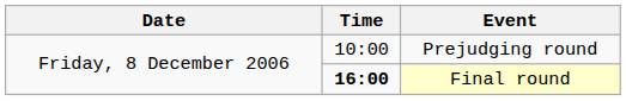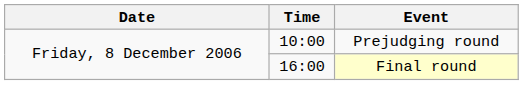 <table class = "wikitable" style="text-align:center;">
 <tr>
 <th width=220>Date</th>
 <th width=50>Time</th>
 <th width=150>Event</th>
 </tr>
 <tr>
 <td rowspan=2>Friday, 8 December 2006</td>
 <td>10:00</td>
 <td>Prejudging round</td>
 </tr>
 <tr>
-<td><strong>16:00</strong></td>
+<td>16:00</td>
 <td bgcolor=ffffcc>Final round</td>
 </tr>
 </table>
